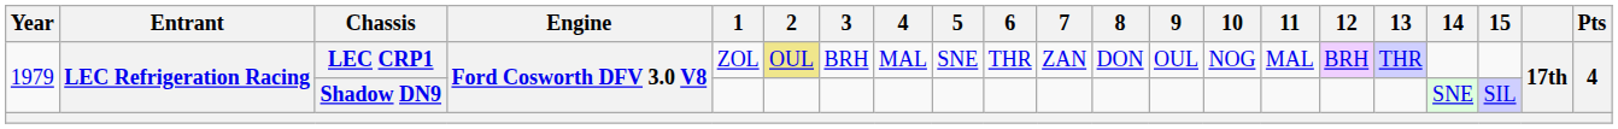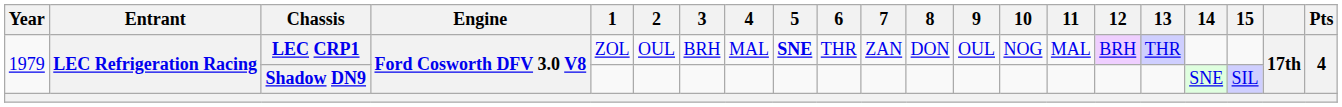 <table class="wikitable" style="text-align:center; font-size:90%">
 <tr>
 <th>Year</th>
 <th>Entrant</th>
 <th>Chassis</th>
 <th>Engine</th>
 <th>1</th>
 <th>2</th>
 <th>3</th>
 <th>4</th>
 <th>5</th>
 <th>6</th>
 <th>7</th>
 <th>8</th>
 <th>9</th>
 <th>10</th>
 <th>11</th>
 <th>12</th>
 <th>13</th>
 <th>14</th>
 <th>15</th>
 <th></th>
 <th>Pts</th>
 </tr>
 <tr>
 <td rowspan=2><a href='#'>1979</a></td>
 <th rowspan=2><a href='#'>LEC Refrigeration Racing</a></th>
 <th><a href='#'>LEC</a> <a href='#'>CRP1</a></th>
 <th rowspan=2><a href='#'>Ford Cosworth DFV</a> 3.0 <a href='#'>V8</a></th>
 <td><a href='#'>ZOL</a></td>
-<td style="background: khaki;"><a href='#'>OUL</a></td>
+<td><a href='#'>OUL</a></td>
 <td><a href='#'>BRH</a></td>
 <td><a href='#'>MAL</a></td>
-<td><a href='#'>SNE</a></td>
+<td><strong><a href='#'>SNE</a></strong></td>
 <td><a href='#'>THR</a></td>
 <td><a href='#'>ZAN</a></td>
 <td><a href='#'>DON</a></td>
 <td><a href='#'>OUL</a></td>
 <td><a href='#'>NOG</a></td>
 <td><a href='#'>MAL</a></td>
 <td style="background:#EFCFFF;"><a href='#'>BRH</a><br></td>
 <td style="background:#CFCFFF;"><a href='#'>THR</a><br></td>
 <td></td>
 <td></td>
 <th rowspan=2>17th</th>
 <th rowspan=2>4</th>
 </tr>
 <tr>
 <th><a href='#'>Shadow</a> <a href='#'>DN9</a></th>
 <td></td>
 <td></td>
 <td></td>
 <td></td>
 <td></td>
 <td></td>
 <td></td>
 <td></td>
 <td></td>
 <td></td>
 <td></td>
 <td></td>
 <td></td>
 <td style="background:#DFFFDF;"><a href='#'>SNE</a><br></td>
 <td style="background:#CFCFFF;"><a href='#'>SIL</a><br></td>
 </tr>
 <tr>
 <th colspan="21"></th>
 </tr>
 </table>
